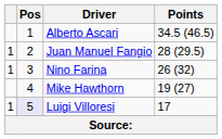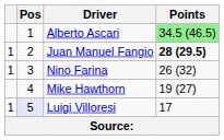 <table class="wikitable" style="font-size: 95%;">
 <tr>
 <th></th>
 <th>Pos</th>
 <th>Driver</th>
 <th>Points</th>
 </tr>
 <tr>
 <td align="left"></td>
 <td align="center">1</td>
 <td> <a href='#'>Alberto Ascari</a></td>
-<td align="left">34.5 (46.5)</td>
+<td align="left" style="background: lightgreen;">34.5 (46.5)</td>
 </tr>
 <tr>
 <td align="left"> 1</td>
 <td align="center">2</td>
 <td> <a href='#'>Juan Manuel Fangio</a></td>
-<td align="left">28 (29.5)</td>
+<td align="left"><strong>28 (29.5)</strong></td>
 </tr>
 <tr>
 <td align="left"> 1</td>
 <td align="center">3</td>
 <td> <a href='#'>Nino Farina</a></td>
 <td align="left">26 (32)</td>
 </tr>
 <tr>
 <td align="left"></td>
 <td align="center">4</td>
 <td> <a href='#'>Mike Hawthorn</a></td>
 <td align="left">19 (27)</td>
 </tr>
 <tr>
 <td align="left"> 1</td>
 <td align="center" style="background: lavender;">5</td>
 <td> <a href='#'>Luigi Villoresi</a></td>
 <td align="left">17</td>
 </tr>
 <tr>
 <th colspan=4>Source: </th>
 </tr>
 </table>
